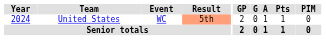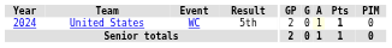 <table border="0" cellpadding="1" cellspacing="0" ID="Table3" style="text-align:center; width:40em">
 <tr ALIGN="center" bgcolor="#e0e0e0">
 <th>Year</th>
 <th>Team</th>
 <th>Event</th>
 <th>Result</th>
 <th rowspan="99" bgcolor="#ffffff"></th>
 <th>GP</th>
 <th>G</th>
 <th>A</th>
 <th>Pts</th>
 <th>PIM</th>
 </tr>
 <tr>
 <td><a href='#'>2024</a></td>
 <td><a href='#'>United States</a></td>
 <td><a href='#'>WC</a></td>
-<td style="background: lightsalmon;">5th</td>
+<td>5th</td>
 <td>2</td>
 <td>0</td>
-<td>1</td>
-<td>1</td>
+<td style="background: lightyellow;">1</td>
+<td><strong>1</strong></td>
 <td>0</td>
 </tr>
 <tr ALIGN="center" bgcolor="#e0e0e0">
 <th colspan=4>Senior totals</th>
 <th>2</th>
 <th>0</th>
 <th>1</th>
 <th>1</th>
 <th>0</th>
 </tr>
 </table>
